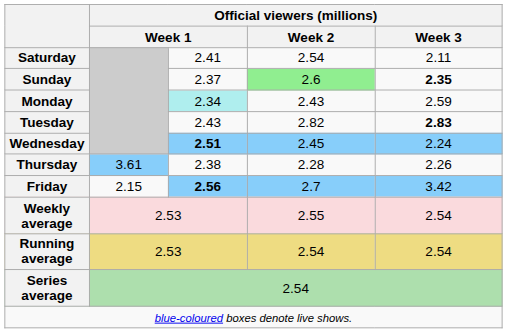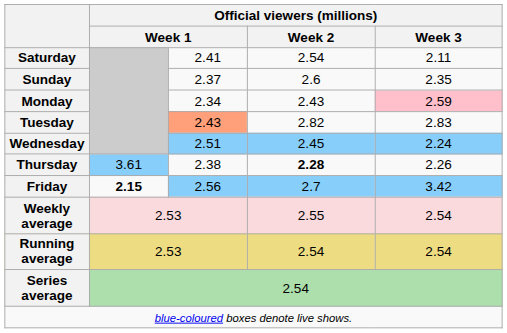 <table class="wikitable" style="font-size:90%; text-align:center; width: 60%; margin-left: auto; margin-right: auto;">
 <tr>
 <th scope="col" rowspan="2" style="width:17%;"></th>
 <th scope=col colspan=4>Official viewers (millions)</th>
 </tr>
 <tr>
 <th colspan=2>Week 1</th>
 <th>Week 2</th>
 <th>Week 3</th>
 </tr>
 <tr>
 <th>Saturday</th>
 <td style="background:#ccc;" rowspan="5"></td>
 <td>2.41</td>
 <td>2.54</td>
 <td>2.11</td>
 </tr>
 <tr>
 <th>Sunday</th>
 <td>2.37</td>
-<td style="background: lightgreen;">2.6</td>
-<td><strong>2.35</strong></td>
+<td>2.6</td>
+<td>2.35</td>
 </tr>
 <tr>
 <th>Monday</th>
-<td style="background: paleturquoise;">2.34</td>
+<td>2.34</td>
 <td>2.43</td>
-<td>2.59</td>
+<td style="background: pink;">2.59</td>
 </tr>
 <tr>
 <th>Tuesday</th>
-<td>2.43</td>
+<td style="background: lightsalmon;">2.43</td>
 <td>2.82</td>
-<td><strong>2.83</strong></td>
+<td>2.83</td>
 </tr>
 <tr>
 <th>Wednesday</th>
-<td style="background:#87CEFA;"><strong>2.51</strong></td>
+<td style="background:#87CEFA;">2.51</td>
 <td style="background:#87CEFA;">2.45</td>
 <td style="background:#87CEFA;">2.24</td>
 </tr>
 <tr>
 <th>Thursday</th>
 <td style="background:#87CEFA;">3.61</td>
 <td>2.38</td>
-<td>2.28</td>
+<td><strong>2.28</strong></td>
 <td>2.26</td>
 </tr>
 <tr>
 <th>Friday</th>
-<td>2.15</td>
-<td style="background:#87CEFA;"><strong>2.56</strong></td>
+<td><strong>2.15</strong></td>
+<td style="background:#87CEFA;">2.56</td>
 <td style="background:#87CEFA;">2.7</td>
 <td style="background:#87CEFA;">3.42</td>
 </tr>
 <tr style="background:#FADADD;" |>
 <th>Weekly average</th>
 <td colspan=2>2.53</td>
 <td>2.55</td>
 <td>2.54</td>
 </tr>
 <tr style="background:#EEDC82;" |>
 <th>Running average</th>
 <td colspan=2>2.53</td>
 <td>2.54</td>
 <td>2.54</td>
 </tr>
 <tr style="background:#ADDFAD;" |>
 <th>Series average</th>
 <td colspan="4">2.54</td>
 </tr>
 <tr>
 <td colspan=5><small><em><a href='#'>blue-coloured</a> boxes denote live shows.</em></small></td>
 </tr>
 </table>
